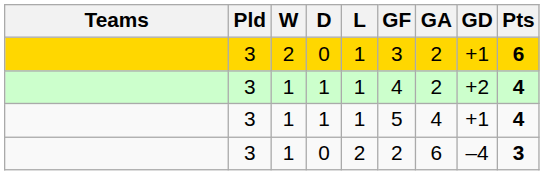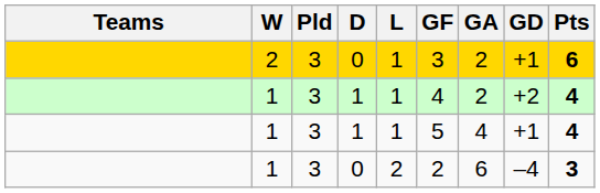 <table class="wikitable" style="text-align: center;">
 <tr>
 <th width=165>Teams</th>
+<th width=20>W</th>
 <th width=20>Pld</th>
-<th width=20>W</th>
 <th width=20>D</th>
 <th width=20>L</th>
 <th width=20>GF</th>
 <th width=20>GA</th>
 <th width=20>GD</th>
 <th width=20>Pts</th>
 </tr>
 <tr align=center style="background:gold">
 <td style="text-align:left;"></td>
+<td>2</td>
 <td>3</td>
-<td>2</td>
 <td>0</td>
 <td>1</td>
 <td>3</td>
 <td>2</td>
 <td>+1</td>
 <td><strong>6</strong></td>
 </tr>
 <tr align=center style="background:#ccffcc;">
 <td style="text-align:left;"></td>
+<td>1</td>
 <td>3</td>
-<td>1</td>
 <td>1</td>
 <td>1</td>
 <td>4</td>
 <td>2</td>
 <td>+2</td>
 <td><strong>4</strong></td>
 </tr>
 <tr align=center>
 <td style="text-align:left;"></td>
+<td>1</td>
 <td>3</td>
-<td>1</td>
 <td>1</td>
 <td>1</td>
 <td>5</td>
 <td>4</td>
 <td>+1</td>
 <td><strong>4</strong></td>
 </tr>
 <tr align=center>
 <td style="text-align:left;"></td>
+<td>1</td>
 <td>3</td>
-<td>1</td>
 <td>0</td>
 <td>2</td>
 <td>2</td>
 <td>6</td>
 <td>–4</td>
 <td><strong>3</strong></td>
 </tr>
 </table>
